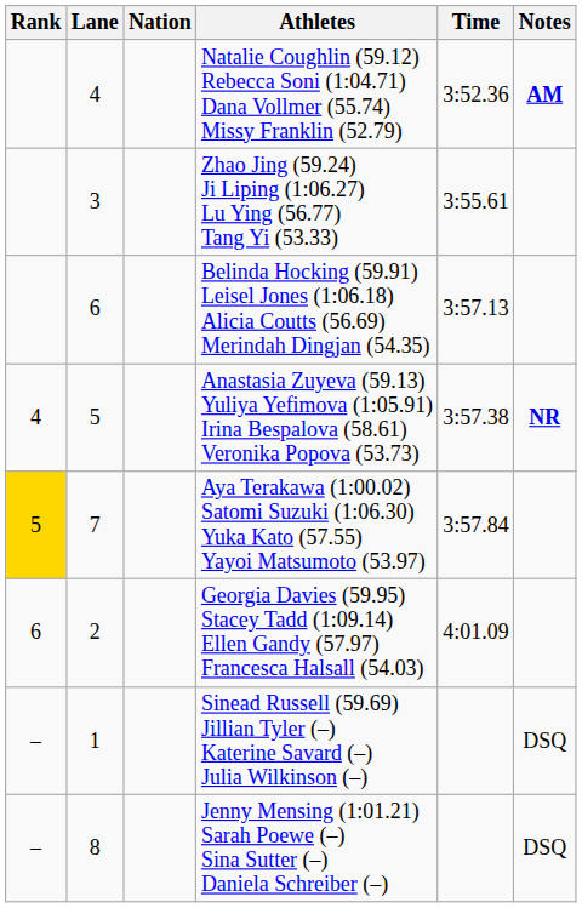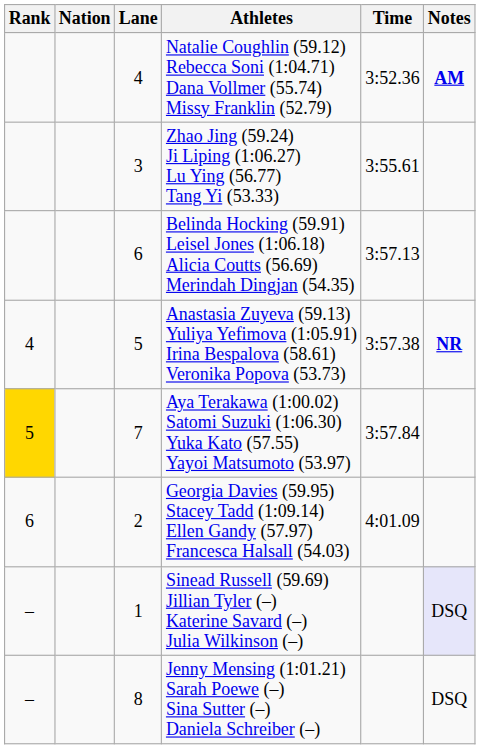 <table class="wikitable sortable" style="text-align:center">
 <tr>
 <th>Rank</th>
+<th>Nation</th>
 <th>Lane</th>
-<th>Nation</th>
 <th>Athletes</th>
 <th>Time</th>
 <th>Notes</th>
 </tr>
 <tr>
 <td></td>
+<td align=left></td>
 <td>4</td>
-<td align=left></td>
 <td align=left><a href='#'>Natalie Coughlin</a> (59.12) <br><a href='#'>Rebecca Soni</a> (1:04.71) <br><a href='#'>Dana Vollmer</a> (55.74) <br><a href='#'>Missy Franklin</a> (52.79)</td>
 <td>3:52.36</td>
 <td><strong><a href='#'>AM</a></strong></td>
 </tr>
 <tr>
 <td></td>
+<td align=left></td>
 <td>3</td>
-<td align=left></td>
 <td align=left><a href='#'>Zhao Jing</a> (59.24) <br><a href='#'>Ji Liping</a> (1:06.27) <br><a href='#'>Lu Ying</a> (56.77) <br><a href='#'>Tang Yi</a> (53.33)</td>
 <td>3:55.61</td>
 <td></td>
 </tr>
 <tr>
 <td></td>
+<td align=left></td>
 <td>6</td>
-<td align=left></td>
 <td align=left><a href='#'>Belinda Hocking</a> (59.91)<br><a href='#'>Leisel Jones</a> (1:06.18) <br><a href='#'>Alicia Coutts</a> (56.69) <br><a href='#'>Merindah Dingjan</a> (54.35)</td>
 <td>3:57.13</td>
 <td></td>
 </tr>
 <tr>
 <td>4</td>
+<td align=left></td>
 <td>5</td>
-<td align=left></td>
 <td align=left><a href='#'>Anastasia Zuyeva</a> (59.13)<br><a href='#'>Yuliya Yefimova</a> (1:05.91)<br><a href='#'>Irina Bespalova</a> (58.61)<br><a href='#'>Veronika Popova</a> (53.73)</td>
 <td>3:57.38</td>
 <td><strong><a href='#'>NR</a></strong></td>
 </tr>
 <tr>
 <td style="background: gold;">5</td>
+<td align=left></td>
 <td>7</td>
-<td align=left></td>
 <td align=left><a href='#'>Aya Terakawa</a> (1:00.02)<br><a href='#'>Satomi Suzuki</a> (1:06.30)<br><a href='#'>Yuka Kato</a> (57.55)<br><a href='#'>Yayoi Matsumoto</a> (53.97)</td>
 <td>3:57.84</td>
 <td></td>
 </tr>
 <tr>
 <td>6</td>
+<td align=left></td>
 <td>2</td>
-<td align=left></td>
 <td align=left><a href='#'>Georgia Davies</a> (59.95)<br><a href='#'>Stacey Tadd</a> (1:09.14)<br><a href='#'>Ellen Gandy</a> (57.97)<br><a href='#'>Francesca Halsall</a> (54.03)</td>
 <td>4:01.09</td>
 <td></td>
 </tr>
 <tr>
 <td>–</td>
+<td align=left></td>
 <td>1</td>
-<td align=left></td>
 <td align=left><a href='#'>Sinead Russell</a> (59.69)<br><a href='#'>Jillian Tyler</a> (–)<br><a href='#'>Katerine Savard</a> (–)<br><a href='#'>Julia Wilkinson</a> (–)</td>
 <td></td>
-<td>DSQ</td>
+<td style="background: lavender;">DSQ</td>
 </tr>
 <tr>
 <td>–</td>
+<td align=left></td>
 <td>8</td>
-<td align=left></td>
 <td align=left><a href='#'>Jenny Mensing</a> (1:01.21)<br><a href='#'>Sarah Poewe</a> (–)<br><a href='#'>Sina Sutter</a> (–)<br><a href='#'>Daniela Schreiber</a> (–)</td>
 <td></td>
 <td>DSQ</td>
 </tr>
 </table>
